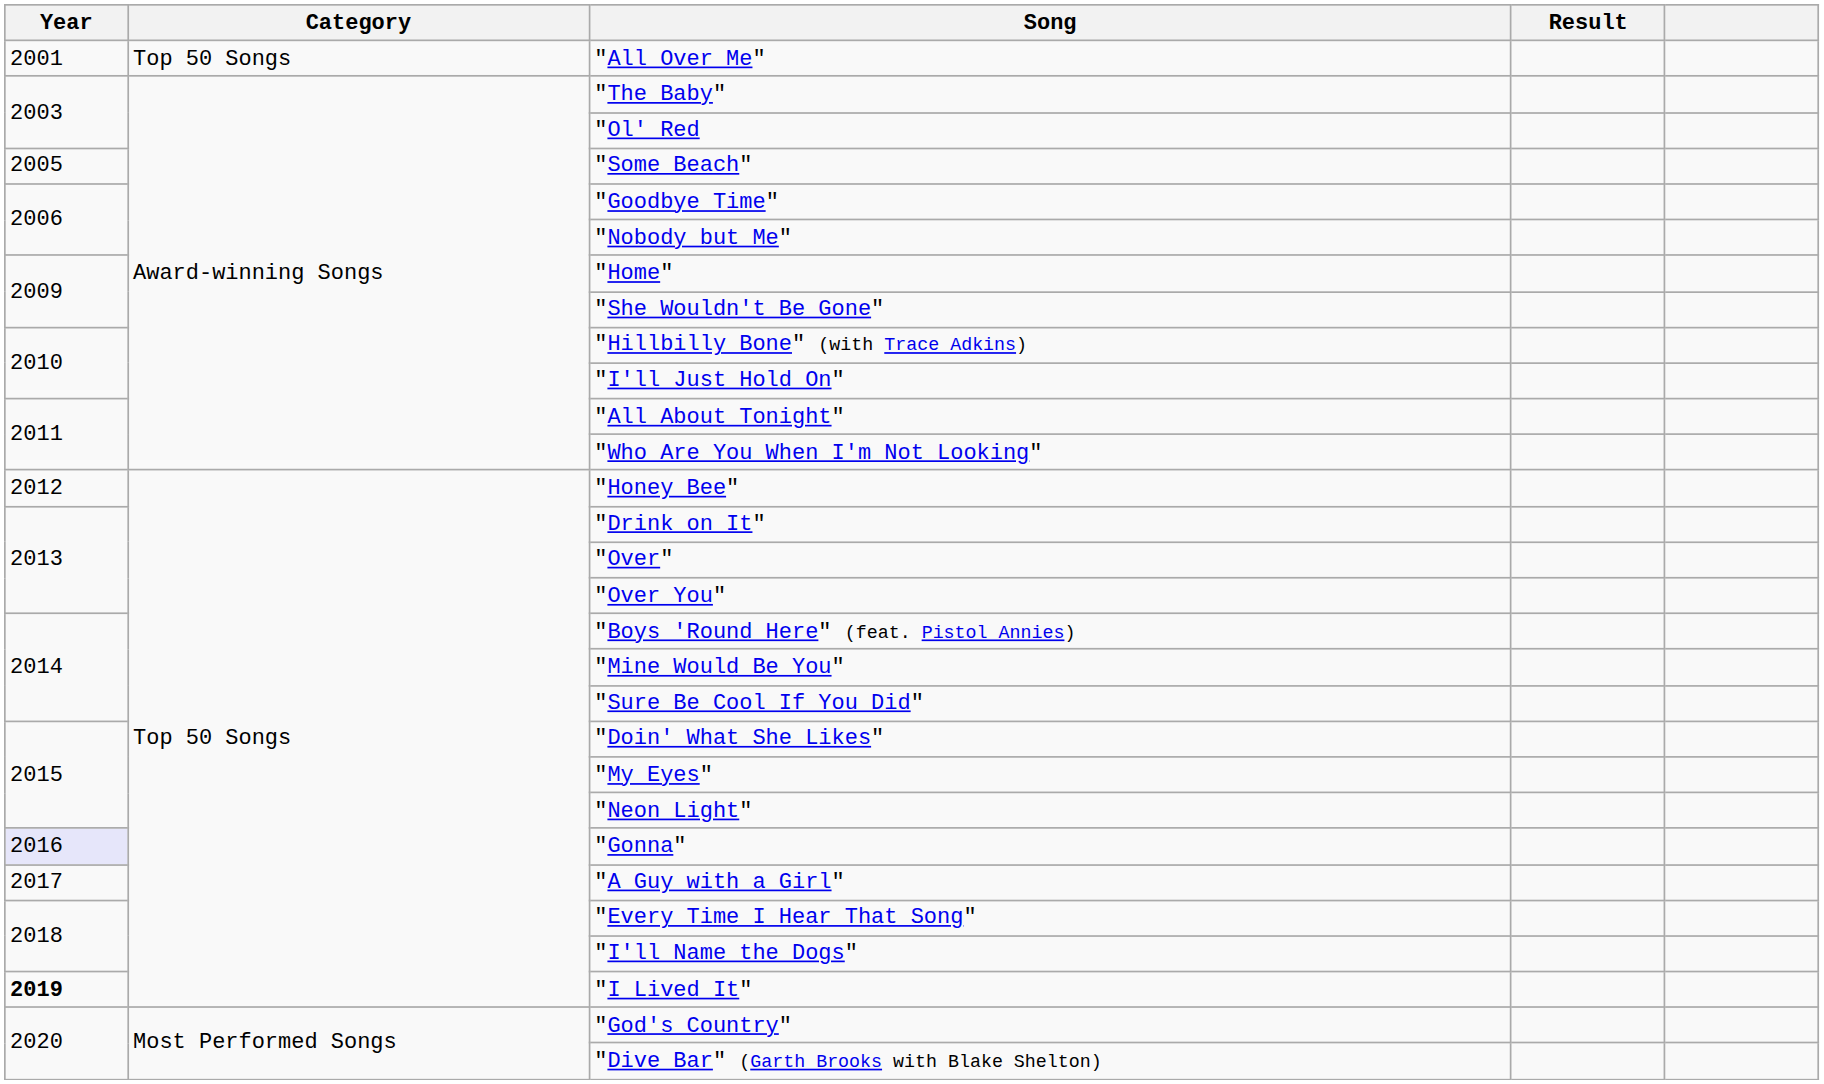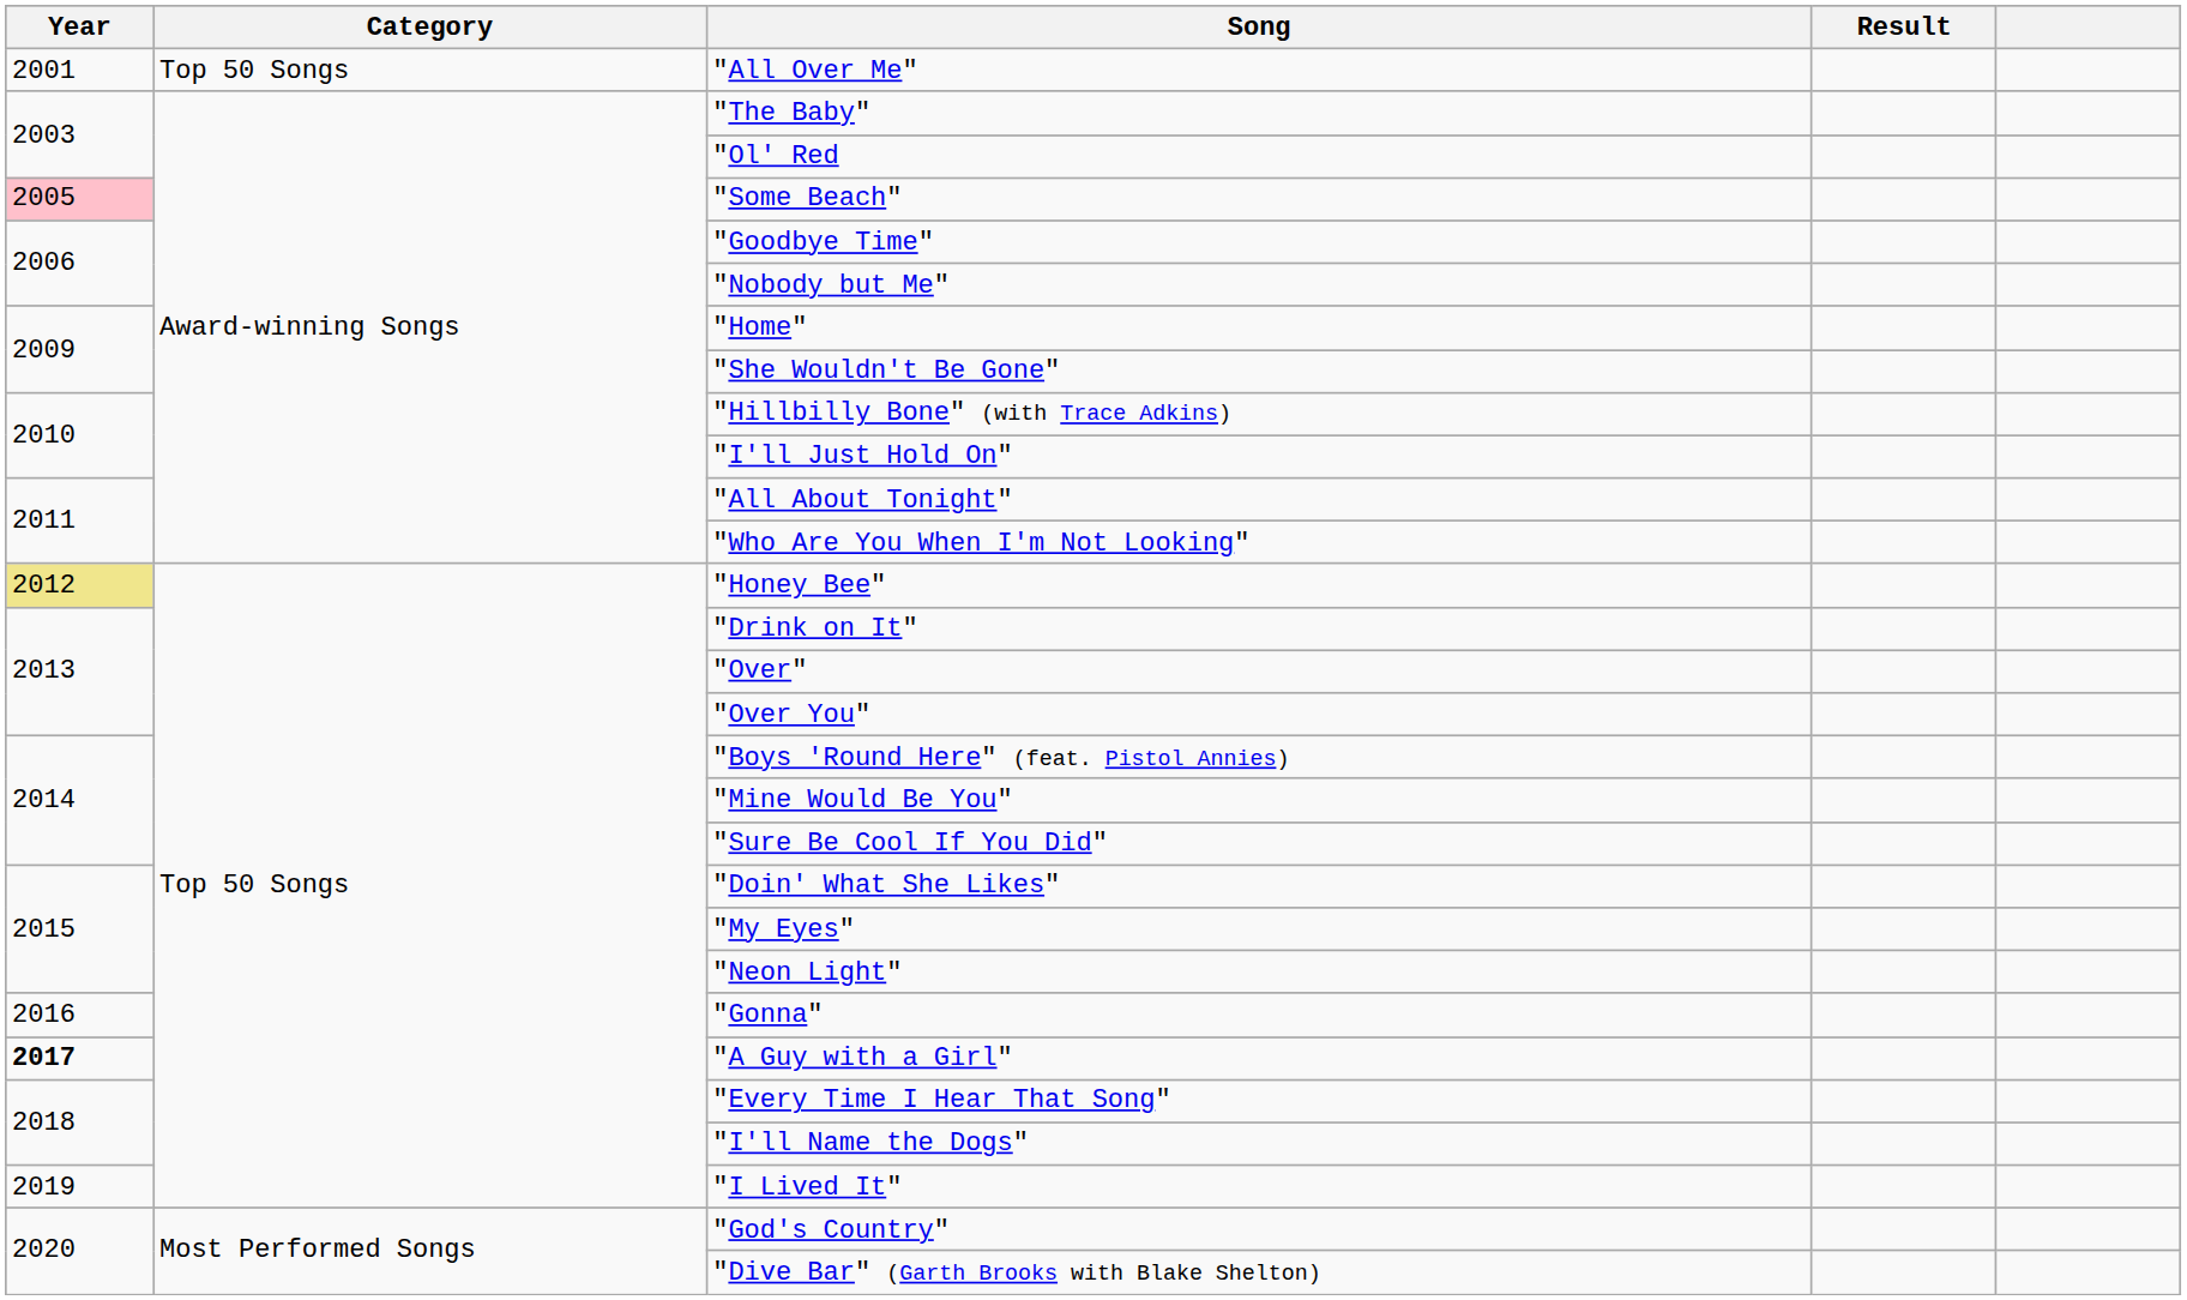 <table class="wikitable plainrowheaders" style="width:85%;">
 <tr>
 <th scope="col" style="width:4%;">Year</th>
 <th scope="col" style="width:15%;">Category</th>
 <th scope="col" style="width:30%;">Song</th>
 <th scope="col" style="width:5%;">Result</th>
 <th scope="col" style="width:5%;"></th>
 </tr>
 <tr>
 <td>2001</td>
 <td>Top 50 Songs</td>
 <td>"<a href='#'>All Over Me</a>"</td>
 <td></td>
 <td></td>
 </tr>
 <tr>
 <td rowspan="2">2003</td>
 <td rowspan=11>Award-winning Songs</td>
 <td>"<a href='#'>The Baby</a>"</td>
 <td></td>
 <td></td>
 </tr>
 <tr>
 <td>"<a href='#'>Ol' Red</a></td>
 <td></td>
 <td></td>
 </tr>
 <tr>
-<td>2005</td>
+<td style="background: pink;">2005</td>
 <td>"<a href='#'>Some Beach</a>"</td>
 <td></td>
 <td></td>
 </tr>
 <tr>
 <td rowspan="2">2006</td>
 <td>"<a href='#'>Goodbye Time</a>"</td>
 <td></td>
 <td></td>
 </tr>
 <tr>
 <td>"<a href='#'>Nobody but Me</a>"</td>
 <td></td>
 <td></td>
 </tr>
 <tr>
 <td rowspan="2">2009</td>
 <td>"<a href='#'>Home</a>"</td>
 <td></td>
 <td></td>
 </tr>
 <tr>
 <td>"<a href='#'>She Wouldn't Be Gone</a>"</td>
 <td></td>
 <td></td>
 </tr>
 <tr>
 <td rowspan="2">2010</td>
 <td>"<a href='#'>Hillbilly Bone</a>" <small>(with <a href='#'>Trace Adkins</a>)</small></td>
 <td></td>
 <td></td>
 </tr>
 <tr>
 <td>"<a href='#'>I'll Just Hold On</a>"</td>
 <td></td>
 <td></td>
 </tr>
 <tr>
 <td rowspan="2">2011</td>
 <td>"<a href='#'>All About Tonight</a>"</td>
 <td></td>
 <td></td>
 </tr>
 <tr>
 <td>"<a href='#'>Who Are You When I'm Not Looking</a>"</td>
 <td></td>
 <td></td>
 </tr>
 <tr>
-<td>2012</td>
+<td style="background: khaki;">2012</td>
 <td rowspan=15>Top 50 Songs</td>
 <td>"<a href='#'>Honey Bee</a>"</td>
 <td></td>
 <td></td>
 </tr>
 <tr>
 <td rowspan="3">2013</td>
 <td>"<a href='#'>Drink on It</a>"</td>
 <td></td>
 <td></td>
 </tr>
 <tr>
 <td>"<a href='#'>Over</a>"</td>
 <td></td>
 <td></td>
 </tr>
 <tr>
 <td>"<a href='#'>Over You</a>"</td>
 <td></td>
 <td></td>
 </tr>
 <tr>
 <td rowspan="3">2014</td>
 <td>"<a href='#'>Boys 'Round Here</a>" <small>(feat. <a href='#'>Pistol Annies</a>)</small></td>
 <td></td>
 <td></td>
 </tr>
 <tr>
 <td>"<a href='#'>Mine Would Be You</a>"</td>
 <td></td>
 <td></td>
 </tr>
 <tr>
 <td>"<a href='#'>Sure Be Cool If You Did</a>"</td>
 <td></td>
 <td></td>
 </tr>
 <tr>
 <td rowspan="3">2015</td>
 <td>"<a href='#'>Doin' What She Likes</a>"</td>
 <td></td>
 <td></td>
 </tr>
 <tr>
 <td>"<a href='#'>My Eyes</a>"</td>
 <td></td>
 <td></td>
 </tr>
 <tr>
 <td>"<a href='#'>Neon Light</a>"</td>
 <td></td>
 <td></td>
 </tr>
 <tr>
-<td style="background: lavender;">2016</td>
+<td>2016</td>
 <td>"<a href='#'>Gonna</a>"</td>
 <td></td>
 <td></td>
 </tr>
 <tr>
-<td>2017</td>
+<td><strong>2017</strong></td>
 <td>"<a href='#'>A Guy with a Girl</a>"</td>
 <td></td>
 <td></td>
 </tr>
 <tr>
 <td rowspan="2">2018</td>
 <td>"<a href='#'>Every Time I Hear That Song</a>"</td>
 <td></td>
 <td></td>
 </tr>
 <tr>
 <td>"<a href='#'>I'll Name the Dogs</a>"</td>
 <td></td>
 <td></td>
 </tr>
 <tr>
-<td><strong>2019</strong></td>
+<td>2019</td>
 <td>"<a href='#'>I Lived It</a>"</td>
 <td></td>
 <td></td>
 </tr>
 <tr>
 <td rowspan="2">2020</td>
 <td rowspan=2>Most Performed Songs</td>
 <td>"<a href='#'>God's Country</a>"</td>
 <td></td>
 <td></td>
 </tr>
 <tr>
 <td>"<a href='#'>Dive Bar</a>" <small>(<a href='#'>Garth Brooks</a> with Blake Shelton)</small></td>
 <td></td>
 <td></td>
 </tr>
 </table>
